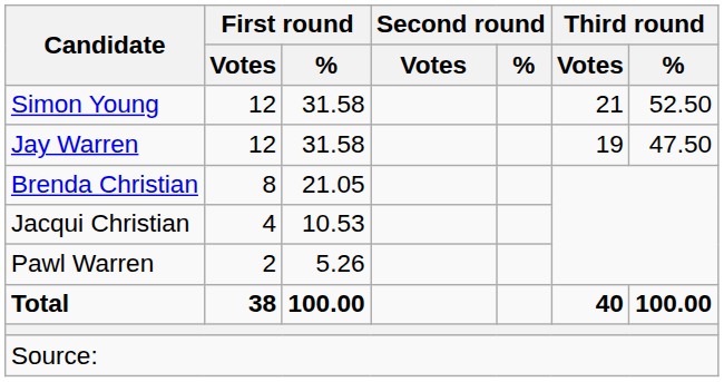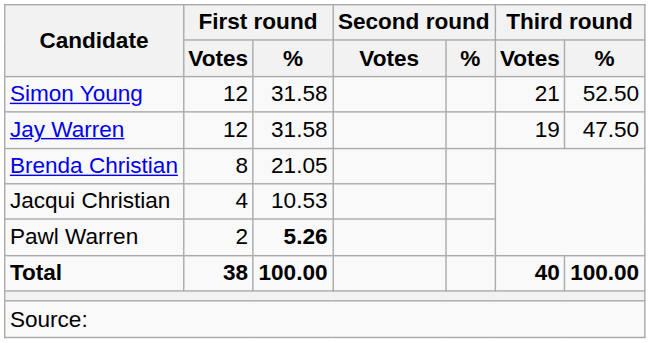 <table class="wikitable sortable" style=text-align:right>
 <tr>
 <th rowspan=2>Candidate</th>
 <th colspan=2>First round</th>
 <th colspan=2>Second round</th>
 <th colspan=2>Third round</th>
 </tr>
 <tr>
 <th>Votes</th>
 <th>%</th>
 <th>Votes</th>
 <th>%</th>
 <th>Votes</th>
 <th>%</th>
 </tr>
 <tr>
 <td align=left><a href='#'>Simon Young</a></td>
 <td>12</td>
 <td>31.58</td>
 <td></td>
 <td></td>
 <td>21</td>
 <td>52.50</td>
 </tr>
 <tr>
 <td align=left><a href='#'>Jay Warren</a></td>
 <td>12</td>
 <td>31.58</td>
 <td></td>
 <td></td>
 <td>19</td>
 <td>47.50</td>
 </tr>
 <tr>
 <td align=left><a href='#'>Brenda Christian</a></td>
 <td>8</td>
 <td>21.05</td>
 <td></td>
 <td></td>
 <td colspan=2 rowspan=3></td>
 </tr>
 <tr>
 <td align=left>Jacqui Christian</td>
 <td>4</td>
 <td>10.53</td>
 <td></td>
 <td></td>
 </tr>
 <tr>
 <td align=left>Pawl Warren</td>
 <td>2</td>
-<td>5.26</td>
+<td><strong>5.26</strong></td>
 <td></td>
 <td></td>
 </tr>
 <tr class=sortbottom>
 <td align=left><strong>Total</strong></td>
 <td><strong>38</strong></td>
 <td><strong>100.00</strong></td>
 <td></td>
 <td></td>
 <td><strong>40</strong></td>
 <td><strong>100.00</strong></td>
 </tr>
 <tr class=sortbottom>
 <th colspan=7></th>
 </tr>
 <tr class=sortbottom>
 <td align=left colspan=7>Source: </td>
 </tr>
 </table>
